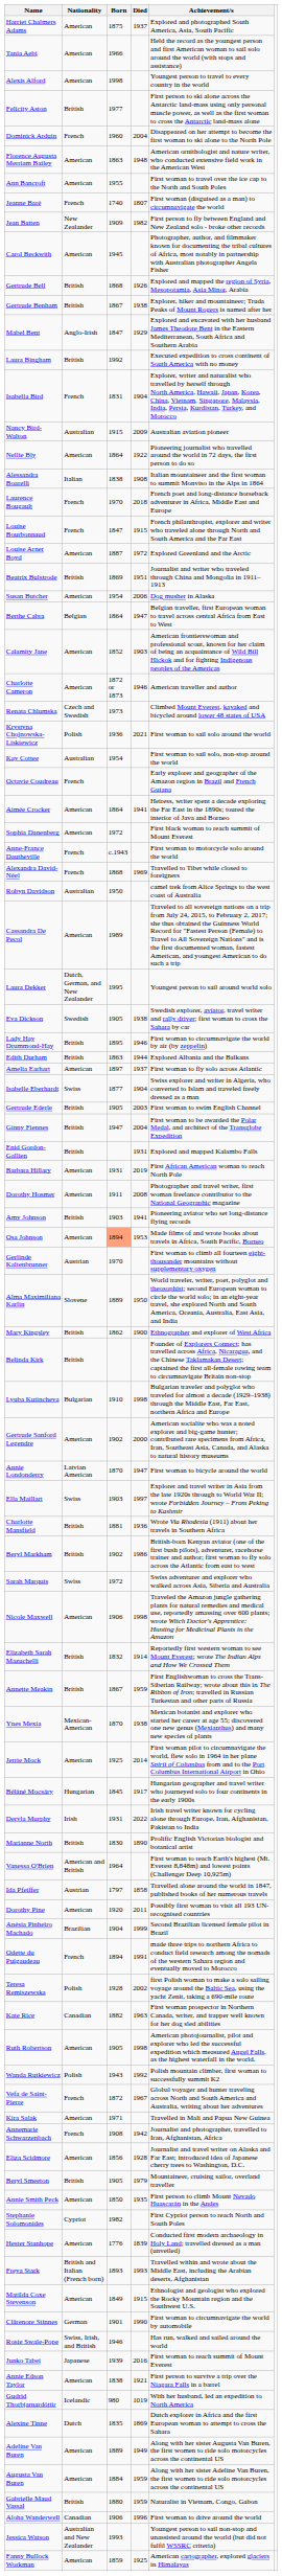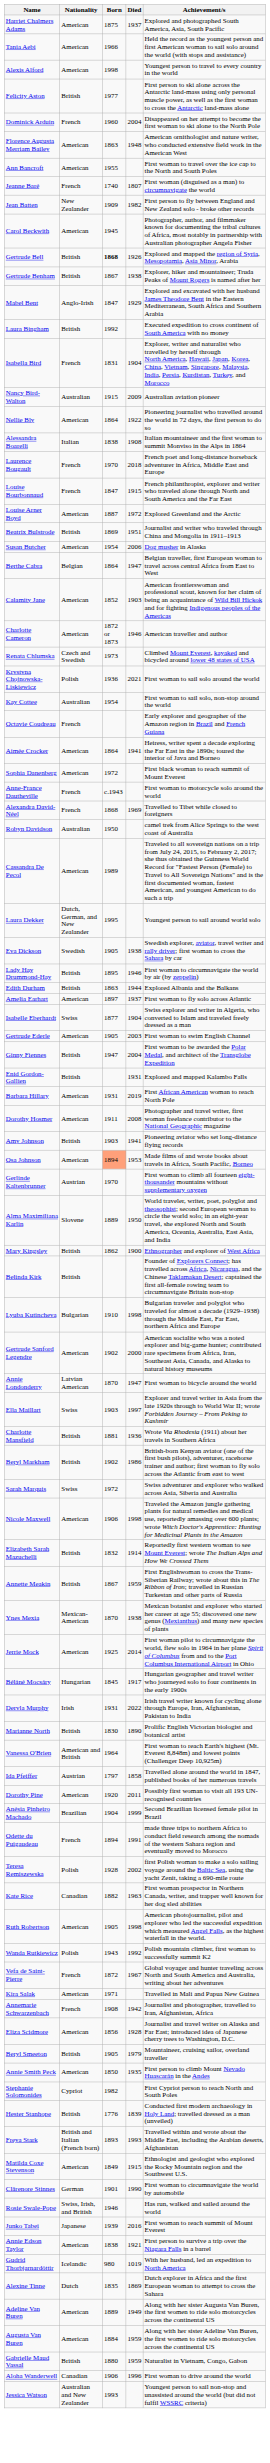 <table class="wikitable sortable">
 <tr>
 <th>Name</th>
 <th>Nationality</th>
 <th>Born</th>
 <th>Died</th>
 <th>Achievement/s</th>
 </tr>
 <tr>
 <td data-sort-value="Adams, Harriet"><a href='#'>Harriet Chalmers Adams</a></td>
 <td>American</td>
 <td>1875</td>
 <td>1937</td>
 <td>Explored and photographed South America, Asia, South Pacific</td>
 </tr>
 <tr>
 <td data-sort-value="Aebi, Tania"><a href='#'>Tania Aebi</a></td>
 <td>American</td>
 <td>1966</td>
 <td></td>
 <td>Held the record as the youngest person and first American woman to sail solo around the world (with stops and assistance)</td>
 </tr>
 <tr>
 <td><a href='#'>Alexis Alford</a></td>
 <td>American</td>
 <td>1998</td>
 <td></td>
 <td>Youngest person to travel to every country in the world</td>
 </tr>
 <tr>
 <td data-sort-value="Aston, Felicity"><a href='#'>Felicity Aston</a></td>
 <td>British</td>
 <td>1977</td>
 <td></td>
 <td>First person to ski alone across the Antarctic land-mass using only personal muscle power, as well as the first woman to cross the <a href='#'>Antarctic</a> land-mass alone</td>
 </tr>
 <tr>
 <td data-sort-value="Arduin, Dominick"><a href='#'>Dominick Arduin</a></td>
 <td>French</td>
 <td>1960</td>
 <td>2004</td>
 <td>Disappeared on her attempt to become the first woman to ski alone to the North Pole</td>
 </tr>
 <tr>
 <td data-sort-value="Bailey, Florence Augusta Merriam"><a href='#'>Florence Augusta Merriam Bailey</a></td>
 <td>American</td>
 <td>1863</td>
 <td>1948</td>
 <td>American ornithologist and nature writer, who conducted extensive field work in the American West</td>
 </tr>
 <tr>
 <td data-sort-value="Bancroft, Ann"><a href='#'>Ann Bancroft</a></td>
 <td>American</td>
 <td>1955</td>
 <td></td>
 <td>First woman to travel over the ice cap to the North and South Poles</td>
 </tr>
 <tr>
 <td data-sort-value="Baré, Jeanne"><a href='#'>Jeanne Baré</a></td>
 <td>French</td>
 <td>1740</td>
 <td>1807</td>
 <td>First woman (disguised as a man) to <a href='#'>circumnavigate</a> the world</td>
 </tr>
 <tr>
 <td data-sort-value="Batten, Jean"><a href='#'>Jean Batten</a></td>
 <td>New Zealander</td>
 <td>1909</td>
 <td>1982</td>
 <td>First person to fly between England and New Zealand solo - broke other records</td>
 </tr>
 <tr>
 <td data-sort-value="Beckwith, Carol"><a href='#'>Carol Beckwith</a></td>
 <td>American</td>
 <td>1945</td>
 <td></td>
 <td>Photographer, author, and filmmaker known for documenting the tribal cultures of Africa, most notably in partnership with Australian photographer Angela Fisher</td>
 </tr>
 <tr>
 <td data-sort-value="Bell, Gertrude"><a href='#'>Gertrude Bell</a></td>
 <td>British</td>
-<td>1868</td>
+<td><strong>1868</strong></td>
 <td>1926</td>
 <td>Explored and mapped the <a href='#'>region of Syria</a>, <a href='#'>Mesopotamia</a>, <a href='#'>Asia Minor</a>, Arabia</td>
 </tr>
 <tr>
 <td data-sort-value="Benham, Gertrude"><a href='#'>Gertrude Benham</a></td>
 <td>British</td>
 <td>1867</td>
 <td>1938</td>
 <td>Explorer, hiker and mountaineer; Truda Peaks of <a href='#'>Mount Rogers</a> is named after her</td>
 </tr>
 <tr>
 <td data-sort-value="Bent, Mabel"><a href='#'>Mabel Bent</a></td>
 <td>Anglo-Irish</td>
 <td>1847</td>
 <td>1929</td>
 <td>Explored and excavated with her husband <a href='#'>James Theodore Bent</a> in the Eastern Mediterranean, South Africa and Southern Arabia</td>
 </tr>
 <tr>
 <td data-sort-value="Bingham, Laura"><a href='#'>Laura Bingham</a></td>
 <td>British</td>
 <td>1992</td>
 <td></td>
 <td>Executed expedition to cross continent of <a href='#'>South America</a> with no money</td>
 </tr>
 <tr>
 <td data-sort-value="Bird, Isabella"><a href='#'>Isabella Bird</a></td>
 <td>French</td>
 <td>1831</td>
 <td>1904</td>
 <td>Explorer, writer and naturalist who travelled by herself through<br><a href='#'>North America</a>, <a href='#'>Hawaii</a>, <a href='#'>Japan</a>, <a href='#'>Korea</a>, <a href='#'>China</a>, <a href='#'>Vietnam</a>, <a href='#'>Singapore</a>, <a href='#'>Malaysia</a>, <a href='#'>India</a>, <a href='#'>Persia</a>, <a href='#'>Kurdistan</a>, <a href='#'>Turkey</a>, and <a href='#'>Morocco</a></td>
 </tr>
 <tr>
 <td data-sort-value="Bird-Walton, Nancy"><a href='#'>Nancy Bird-Walton</a></td>
 <td>Australian</td>
 <td>1915</td>
 <td>2009</td>
 <td>Australian aviation pioneer</td>
 </tr>
 <tr>
 <td data-sort-value="Bly, Nellie"><a href='#'>Nellie Bly</a></td>
 <td>American</td>
 <td>1864</td>
 <td>1922</td>
 <td>Pioneering journalist who travelled around the world in 72 days, the first person to do so</td>
 </tr>
 <tr>
 <td data-sort-value="Boarelli, Alessandra"><a href='#'>Alessandra Boarelli</a></td>
 <td>Italian</td>
 <td>1838</td>
 <td>1908</td>
 <td>Italian mountaineer and the first woman to summit Monviso in the Alps in 1864</td>
 </tr>
 <tr>
 <td data-sort-value="Bougault, Laurence"><a href='#'>Laurence Bougault</a></td>
 <td>French</td>
 <td>1970</td>
 <td>2018</td>
 <td>French poet and long-distance horseback adventurer in Africa, Middle East and Europe</td>
 </tr>
 <tr>
 <td data-sort-value="Bourbonnaud, Louise"><a href='#'>Louise Bourbonnaud</a></td>
 <td>French</td>
 <td>1847</td>
 <td>1915</td>
 <td>French philanthropist, explorer and writer who traveled alone through North and South America and the Far East</td>
 </tr>
 <tr>
 <td data-sort-value="Boyd, Louise Arner"><a href='#'>Louise Arner Boyd</a></td>
 <td>American</td>
 <td>1887</td>
 <td>1972</td>
 <td>Explored Greenland and the Arctic</td>
 </tr>
 <tr>
 <td><a href='#'>Beatrix Bulstrode</a></td>
 <td>British</td>
 <td>1869</td>
 <td>1951</td>
 <td>Journalist and writer who traveled through China and Mongolia in 1911–1913</td>
 </tr>
 <tr>
 <td data-sort-value="Butcher, Susan"><a href='#'>Susan Butcher</a></td>
 <td>American</td>
 <td>1954</td>
 <td>2006</td>
 <td><a href='#'>Dog musher</a> in Alaska</td>
 </tr>
 <tr>
 <td data-sort-value="Cabra, Berthe"><a href='#'>Berthe Cabra</a></td>
 <td>Belgian</td>
 <td>1864</td>
 <td>1947</td>
 <td>Belgian traveller, first European woman to travel across central Africa from East to West</td>
 </tr>
 <tr>
 <td data-sort-value="Canary , Martha"><a href='#'>Calamity Jane</a></td>
 <td>American</td>
 <td>1852</td>
 <td>1903</td>
 <td>American frontierswoman and professional scout, known for her claim of being an acquaintance of <a href='#'>Wild Bill Hickok</a> and for fighting <a href='#'>Indigenous peoples of the Americas</a></td>
 </tr>
 <tr>
 <td data-sort-value="Charlotte, Cameron"><a href='#'>Charlotte Cameron</a></td>
 <td>American</td>
 <td>1872 or 1873</td>
 <td>1946</td>
 <td>American traveller and author</td>
 </tr>
 <tr>
 <td data-sort-value="Chlumska, Renata"><a href='#'>Renata Chlumska</a></td>
 <td>Czech and Swedish</td>
 <td>1973</td>
 <td></td>
 <td>Climbed <a href='#'>Mount Everest</a>, <a href='#'>kayaked</a> and bicycled around <a href='#'>lower 48 states of USA</a></td>
 </tr>
 <tr>
 <td data-sort-value="Chojnowska, Krystyna"><a href='#'>Krystyna Chojnowska-Liskiewicz</a></td>
 <td>Polish</td>
 <td>1936</td>
 <td>2021</td>
 <td>First woman to sail solo around the world</td>
 </tr>
 <tr>
 <td data-sort-value="Cottee"><a href='#'>Kay Cottee</a></td>
 <td>Australian</td>
 <td>1954</td>
 <td></td>
 <td>First woman to sail solo, non-stop around the world</td>
 </tr>
 <tr>
 <td data-sort-value="Coudreau, Octavie"><a href='#'>Octavie Coudreau</a></td>
 <td>French</td>
 <td></td>
 <td></td>
 <td>Early explorer and geographer of the Amazon region in <a href='#'>Brazil</a> and <a href='#'>French Guiana</a></td>
 </tr>
 <tr>
 <td data-sort-value="Crocker, Aimée"><a href='#'>Aimée Crocker</a></td>
 <td>American</td>
 <td>1864</td>
 <td>1941</td>
 <td>Heiress, writer spent a decade exploring the Far East in the 1890s; toured the interior of Java and Borneo</td>
 </tr>
 <tr>
 <td data-sort-value="Danenberg, Sophia"><a href='#'>Sophia Danenberg</a></td>
 <td>American</td>
 <td>1972</td>
 <td></td>
 <td>First black woman to reach summit of Mount Everest</td>
 </tr>
 <tr>
 <td data-sort-value="Dautheville, Anne-France"><a href='#'>Anne-France Dautheville</a></td>
 <td>French</td>
 <td>c.1943</td>
 <td></td>
 <td>First woman to motorcycle solo around the world</td>
 </tr>
 <tr>
 <td data-sort-value="David, Alexandra"><a href='#'>Alexandra David-Néel</a></td>
 <td>French</td>
 <td>1868</td>
 <td>1969</td>
 <td>Travelled to Tibet while closed to foreigners</td>
 </tr>
 <tr>
 <td data-sort-value="Davidson, Robyn"><a href='#'>Robyn Davidson</a></td>
 <td>Australian</td>
 <td>1950</td>
 <td></td>
 <td> camel trek from Alice Springs to the west coast of Australia</td>
 </tr>
 <tr>
 <td data-sort-value="DePecol, Cassandra"><a href='#'>Cassandra De Pecol</a></td>
 <td>American</td>
 <td>1989</td>
 <td></td>
 <td>Traveled to all sovereign nations on a trip from July 24, 2015, to February 2, 2017; she thus obtained the Guinness World Record for "Fastest Person (Female) to Travel to All Sovereign Nations" and is the first documented woman, fastest American, and youngest American to do such a trip</td>
 </tr>
 <tr>
 <td data-sort-value="Dekker, Laura"><a href='#'>Laura Dekker</a></td>
 <td>Dutch, German, and New Zealander</td>
 <td>1995</td>
 <td></td>
 <td>Youngest person to sail around world solo</td>
 </tr>
 <tr>
 <td data-sort-value="Dickson, Eva"><a href='#'>Eva Dickson</a></td>
 <td>Swedish</td>
 <td>1905</td>
 <td>1938</td>
 <td>Swedish explorer, <a href='#'>aviator</a>, travel writer and <a href='#'>rally driver</a>; first woman to cross the <a href='#'>Sahara</a> by car</td>
 </tr>
 <tr>
 <td data-sort-value="Drummond, Lady Hay"><a href='#'>Lady Hay Drummond-Hay</a></td>
 <td>British</td>
 <td>1895</td>
 <td>1946</td>
 <td>First woman to circumnavigate the world by air (by <a href='#'>zeppelin</a>)</td>
 </tr>
 <tr>
 <td data-sort-value="Durham, Edith"><a href='#'>Edith Durham</a></td>
 <td>British</td>
 <td>1863</td>
 <td>1944</td>
 <td>Explored Albania and the Balkans</td>
 </tr>
 <tr>
 <td data-sort-value="Earhart, Amelia"><a href='#'>Amelia Earhart</a></td>
 <td>American</td>
 <td>1897</td>
 <td>1937</td>
 <td>First woman to fly solo across Atlantic</td>
 </tr>
 <tr>
 <td data-sort-value="Eberhardt, Isabelle"><a href='#'>Isabelle Eberhardt</a></td>
 <td>Swiss</td>
 <td>1877</td>
 <td>1904</td>
 <td>Swiss explorer and writer in Algeria, who converted to Islam and traveled freely dressed as a man</td>
 </tr>
 <tr>
 <td data-sort-value="Ederle, Gertrude"><a href='#'>Gertrude Ederle</a></td>
-<td>British</td>
+<td>American</td>
 <td>1905</td>
 <td>2003</td>
 <td>First woman to swim English Channel</td>
 </tr>
 <tr>
 <td data-sort-value="Fiennes, Ginny"><a href='#'>Ginny Fiennes</a></td>
 <td>British</td>
 <td>1947</td>
 <td>2004</td>
 <td>First woman to be awarded the <a href='#'>Polar Medal</a>, and architect of the <a href='#'>Transglobe Expedition</a></td>
 </tr>
 <tr>
 <td data-sort-value="Gordon-Gallien, Enid"><a href='#'>Enid Gordon-Gallien</a></td>
 <td>British</td>
 <td></td>
 <td>1931</td>
 <td>Explored and mapped Kalambo Falls</td>
 </tr>
 <tr>
 <td data-sort-value="Hillary, Barbara"><a href='#'>Barbara Hillary</a></td>
 <td>American</td>
 <td>1931</td>
 <td>2019</td>
 <td>First <a href='#'>African American</a> woman to reach North Pole</td>
 </tr>
 <tr>
 <td data-sort-value="Hosmer, Dorothy"><a href='#'>Dorothy Hosmer</a></td>
 <td>American</td>
 <td>1911</td>
 <td>2008</td>
 <td>Photographer and travel writer, first woman freelance contributor to the <a href='#'>National Geographic</a> magazine</td>
 </tr>
 <tr>
 <td data-sort-value="Johnson, Amy"><a href='#'>Amy Johnson</a></td>
 <td>British</td>
 <td>1903</td>
 <td>1941</td>
 <td>Pioneering aviator who set long-distance flying records</td>
 </tr>
 <tr>
 <td data-sort-value="Johnson, Osa"><a href='#'>Osa Johnson</a></td>
 <td>American</td>
 <td style="background: lightsalmon;">1894</td>
 <td>1953</td>
 <td>Made films of and wrote books about travels in Africa, South Pacific, <a href='#'>Borneo</a></td>
 </tr>
 <tr>
 <td data-sort-value="Kaltenbrunner, Gerlinde"><a href='#'>Gerlinde Kaltenbrunner</a></td>
 <td>Austrian</td>
 <td>1970</td>
 <td></td>
 <td>First woman to climb all fourteen <a href='#'>eight-thousander</a> mountains without <a href='#'>supplementary oxygen</a></td>
 </tr>
 <tr>
 <td data-sort-value="Karlin, Alma"><a href='#'>Alma Maximiliana Karlin</a></td>
 <td>Slovene</td>
 <td>1889</td>
 <td>1950</td>
 <td>World traveler, writer, poet, polyglot and <a href='#'>theosophist</a>; second European woman to circle the world solo; in an eight-year travel, she explored North and South America, Oceania, Australia, East Asia, and India</td>
 </tr>
 <tr>
 <td data-sort-value="Kingsley, Mary"><a href='#'>Mary Kingsley</a></td>
 <td>British</td>
 <td>1862</td>
 <td>1900</td>
 <td><a href='#'>Ethnographer</a> and explorer of <a href='#'>West Africa</a></td>
 </tr>
 <tr>
 <td><a href='#'>Belinda Kirk</a></td>
 <td>British</td>
 <td></td>
 <td></td>
 <td>Founder of <a href='#'>Explorers Connect</a>; has travelled across <a href='#'>Africa</a>, <a href='#'>Nicaragua</a>, and the Chinese <a href='#'>Taklamakan Desert</a>; captained the first all-female rowing team to circumnavigate Britain non-stop</td>
 </tr>
 <tr>
 <td data-sort-value="Kutincheva, Lyuba"><a href='#'>Lyuba Kutincheva</a></td>
 <td>Bulgarian</td>
 <td>1910</td>
 <td>1998</td>
 <td>Bulgarian traveler and polyglot who traveled for almost a decade (1929–1938) through the Middle East, Far East, northern Africa and Europe</td>
 </tr>
 <tr>
 <td data-sort-value="Legendre, Gertrude Sanford"><a href='#'>Gertrude Sanford Legendre</a></td>
 <td>American</td>
 <td>1902</td>
 <td>2000</td>
 <td>American socialite who was a noted explorer and big-game hunter; contributed rare specimens from Africa, Iran, Southeast Asia, Canada, and Alaska to natural history museums</td>
 </tr>
 <tr>
 <td data-sort-value="Londonderry, Annie"><a href='#'>Annie Londonderry</a></td>
 <td>Latvian American</td>
 <td>1870</td>
 <td>1947</td>
 <td>First woman to bicycle around the world</td>
 </tr>
 <tr>
 <td data-sort-value="Maillart, Ella "><a href='#'>Ella Maillart</a></td>
 <td>Swiss</td>
 <td>1903</td>
 <td>1997</td>
 <td>Explorer and travel writer in Asia from the late 1920s through to World War II; wrote <em>Forbidden Journey – From Peking to Kashmir</em></td>
 </tr>
 <tr>
 <td data-sort-value="Mansfield, Charlotte"><a href='#'>Charlotte Mansfield</a></td>
 <td>British</td>
 <td>1881</td>
 <td>1936</td>
 <td>Wrote <em>Via Rhodesia</em> (1911) about her travels in Southern Africa</td>
 </tr>
 <tr>
 <td data-sort-value="Markham, Beryl"><a href='#'>Beryl Markham</a></td>
 <td>British</td>
 <td>1902</td>
 <td>1986</td>
 <td>British-born Kenyan aviator (one of the first bush pilots), adventurer, racehorse trainer and author; first woman to fly solo across the Atlantic from east to west</td>
 </tr>
 <tr>
 <td data-sort-value="Marquis, Sarah"><a href='#'>Sarah Marquis</a></td>
 <td>Swiss</td>
 <td>1972</td>
 <td></td>
 <td>Swiss adventurer and explorer who walked  across Asia, Siberia and Australia</td>
 </tr>
 <tr>
 <td data-sort-value="Maxwell, Nicole"><a href='#'>Nicole Maxwell</a></td>
 <td>American</td>
 <td>1906</td>
 <td>1998</td>
 <td>Traveled the Amazon jungle gathering plants for natural remedies and medical use, reportedly amassing over 600 plants; wrote <em>Witch Doctor's Apprentice: Hunting for Medicinal Plants in the Amazon</em></td>
 </tr>
 <tr>
 <td data-sort-value="Mazuchelli, Elizabeth Sarah "><a href='#'>Elizabeth Sarah Mazuchelli</a></td>
 <td>British</td>
 <td>1832</td>
 <td>1914</td>
 <td>Reportedly first western woman to see <a href='#'>Mount Everest</a>; wrote <em>The Indian Alps and How We Crossed Them</em></td>
 </tr>
 <tr>
 <td data-sort-value="Meakin, Annette"><a href='#'>Annette Meakin</a></td>
 <td>British</td>
 <td>1867</td>
 <td>1959</td>
 <td>First Englishwoman to cross the Trans-Siberian Railway; wrote about this in <em>The Ribbon of Iron</em>; travelled in Russian Turkestan and other parts of Russia</td>
 </tr>
 <tr>
 <td data-sort-value="Mexia, Ynes"><a href='#'>Ynes Mexia</a></td>
 <td>Mexican-American</td>
 <td>1870</td>
 <td>1938</td>
 <td>Mexican botanist and explorer who started her career at age 55; discovered one new genus (<a href='#'>Mexianthus</a>) and many new species of plants</td>
 </tr>
 <tr>
 <td date-sort-value="Mock, Jerrie"><a href='#'>Jerrie Mock</a></td>
 <td>American</td>
 <td>1925</td>
 <td>2014</td>
 <td>First woman pilot to circumnavigate the world, flew solo in 1964 in her plane <em><a href='#'>Spirit of Columbus</a></em> from and to the <a href='#'>Port Columbus International Airport</a> in Ohio</td>
 </tr>
 <tr>
 <td data-sort-value="Mocsary, Belane"><a href='#'>Béláné Mocsáry</a></td>
 <td>Hungarian</td>
 <td>1845</td>
 <td>1917</td>
 <td>Hungarian geographer and travel writer who journeyed solo to four continents in the early 1900s</td>
 </tr>
 <tr>
 <td data-sort-value="Murphy, Dervla"><a href='#'>Dervla Murphy</a></td>
 <td>Irish</td>
 <td>1931</td>
 <td>2022</td>
 <td>Irish travel writer known for cycling alone through Europe, Iran, Afghanistan, Pakistan to India</td>
 </tr>
 <tr>
 <td data-sort-value="North, Marianne"><a href='#'>Marianne North</a></td>
 <td>British</td>
 <td>1830</td>
 <td>1890</td>
 <td>Prolific English Victorian biologist and botanical artist</td>
 </tr>
 <tr>
 <td data-sort-value="O'Brien, Vanessa"><a href='#'>Vanessa O'Brien</a></td>
 <td>American and British</td>
 <td>1964</td>
 <td></td>
 <td>First woman to reach Earth's highest (Mt. Everest 8,848m) and lowest points (Challenger Deep 10,925m)</td>
 </tr>
 <tr>
 <td data-sort-value="Pfeiffer, Ida"><a href='#'>Ida Pfeiffer</a></td>
 <td>Austrian</td>
 <td>1797</td>
 <td>1858</td>
 <td>Travelled alone around the world in 1847, published books of her numerous travels</td>
 </tr>
 <tr>
 <td data-sort-value="Pine, Dorothy"><a href='#'>Dorothy Pine</a></td>
 <td>American</td>
 <td>1920</td>
 <td>2011</td>
 <td>Possibly first woman to visit all 193 UN-recognised countries</td>
 </tr>
 <tr>
 <td data-sort-value="Pinheiro, Anésia"><a href='#'>Anésia Pinheiro Machado</a></td>
 <td>Brazilian</td>
 <td>1904</td>
 <td>1999</td>
 <td>Second Brazilian licensed female pilot in Brazil</td>
 </tr>
 <tr>
 <td data-sort-value="Puigaudeau, Odette du"><a href='#'>Odette du Puigaudeau</a></td>
 <td>French</td>
 <td>1894</td>
 <td>1991</td>
 <td>made three trips to northern Africa to conduct field research among the nomads of the western Sahara region and eventually moved to Morocco</td>
 </tr>
 <tr>
 <td><a href='#'>Teresa Remiszewska</a></td>
 <td>Polish</td>
 <td>1928</td>
 <td>2002</td>
 <td>first Polish woman to make a solo sailing voyage around the <a href='#'>Baltic Sea</a>, using the yacht Zenit, taking a 690-mile route</td>
 </tr>
 <tr>
 <td data-sort-value="Rice, Kate"><a href='#'>Kate Rice</a></td>
 <td>Canadian</td>
 <td>1882</td>
 <td>1963</td>
 <td>First woman prospector in Northern Canada, writer, and trapper well known for her dog sled abilities</td>
 </tr>
 <tr>
 <td data-sort-value="Robertson, Ruth"><a href='#'>Ruth Robertson</a></td>
 <td>American</td>
 <td>1905</td>
 <td>1998</td>
 <td>American photojournalist, pilot and explorer who led the successful expedition which measured <a href='#'>Angel Falls</a>, as the highest waterfall in the world.</td>
 </tr>
 <tr>
 <td data-sort-value="Rutkiewicz, Wanda"><a href='#'>Wanda Rutkiewicz</a></td>
 <td>Polish</td>
 <td>1943</td>
 <td>1992</td>
 <td>Polish mountain climber, first woman to successfully summit K2</td>
 </tr>
 <tr>
 <td data-sort-value="Saint-Pierre, Vefa de"><a href='#'>Vefa de Saint-Pierre</a></td>
 <td>French</td>
 <td>1872</td>
 <td>1967</td>
 <td>Global voyager and hunter traveling across North and South America and Australia, writing about her adventures</td>
 </tr>
 <tr>
 <td data-sort-value="Salak, Kira"><a href='#'>Kira Salak</a></td>
 <td>American</td>
 <td>1971</td>
 <td></td>
 <td>Travelled in Mali and Papua New Guinea</td>
 </tr>
 <tr>
 <td data-sort-value="Schwarzenbach, Annemarie"><a href='#'>Annemarie Schwarzenbach</a></td>
 <td>French</td>
 <td>1908</td>
 <td>1942</td>
 <td>Journalist and photographer, travelled to Iran, Afghanistan, Africa</td>
 </tr>
 <tr>
 <td><a href='#'>Eliza Scidmore</a></td>
 <td>American</td>
 <td>1856</td>
 <td>1928</td>
 <td>Journalist and travel writer on Alaska and Far East; introduced idea of Japanese cherry trees to Washington, D.C.</td>
 </tr>
 <tr>
 <td data-sort-value="Smeeton, Beryl"><a href='#'>Beryl Smeeton</a></td>
 <td>British</td>
 <td>1905</td>
 <td>1979</td>
 <td>Mountaineer, cruising sailor, overland traveller</td>
 </tr>
 <tr>
 <td data-sort-value="Smith Peck, Annie"><a href='#'>Annie Smith Peck</a></td>
 <td>American</td>
 <td>1850</td>
 <td>1935</td>
 <td>First person to climb Mount <a href='#'>Nevado Huascarán</a> in the <a href='#'>Andes</a></td>
 </tr>
 <tr>
 <td data-sort-value="Solomonides, Stephanie"><a href='#'>Stephanie Solomonides</a></td>
 <td>Cypriot</td>
 <td>1982</td>
 <td></td>
 <td>First Cypriot person to reach North and South Poles</td>
 </tr>
 <tr>
 <td data-sort-value="Stanhope, Hester"><a href='#'>Hester Stanhope</a></td>
-<td>American</td>
+<td>British</td>
 <td>1776</td>
 <td>1839</td>
 <td>Conducted first modern archaeology in <a href='#'>Holy Land</a>; travelled dressed as a man (unveiled)</td>
 </tr>
 <tr>
 <td data-sort-value="Stark, Freya"><a href='#'>Freya Stark</a></td>
 <td>British and Italian (French born)</td>
 <td>1893</td>
 <td>1993</td>
 <td>Travelled within and wrote about the Middle East, including the Arabian deserts, Afghanistan</td>
 </tr>
 <tr>
 <td data-sort-value="Stevenson, Matilda Coxe"><a href='#'>Matilda Coxe Stevenson</a></td>
 <td>American</td>
 <td>1849</td>
 <td>1915</td>
 <td>Ethnologist and geologist who explored the Rocky Mountain region and the Southwest U.S.</td>
 </tr>
 <tr>
 <td data-sort-value="Stinnes, Clärenore"><a href='#'>Clärenore Stinnes</a></td>
 <td>German</td>
 <td>1901</td>
 <td>1990</td>
 <td>First woman to circumnavigate the world by automobile</td>
 </tr>
 <tr>
 <td data-sort-value="Swale-Pope, Rosie"><a href='#'>Rosie Swale-Pope</a></td>
 <td>Swiss, Irish, and British</td>
 <td>1946</td>
 <td></td>
 <td>Has run, walked and sailed around the world</td>
 </tr>
 <tr>
 <td data-sort-value="Tabei, Junko"><a href='#'>Junko Tabei</a></td>
 <td>Japanese</td>
 <td>1939</td>
 <td>2016</td>
 <td>First woman to reach summit of Mount Everest</td>
 </tr>
 <tr>
 <td data-sort-value="Taylor, Annie"><a href='#'>Annie Edson Taylor</a></td>
 <td>American</td>
 <td>1838</td>
 <td>1921</td>
 <td>First person to survive a trip over the <a href='#'>Niagara Falls</a> in a barrel</td>
 </tr>
 <tr>
 <td data-sort-value="Thorbjarnardóttir, Gudrid"><a href='#'>Gudrid Thorbjarnardóttir</a></td>
 <td>Icelandic</td>
 <td>980</td>
 <td>1019</td>
 <td>With her husband, led an expedition to <a href='#'>North America</a></td>
 </tr>
 <tr>
 <td data-sort-value="Tinne, Alexine"><a href='#'>Alexine Tinne</a></td>
 <td>Dutch</td>
 <td>1835</td>
 <td>1869</td>
 <td>Dutch explorer in Africa and the first European woman to attempt to cross the Sahara</td>
 </tr>
 <tr>
 <td data-sort-value="Van Buren, Adeline"><a href='#'>Adeline Van Buren</a></td>
 <td>American</td>
 <td>1889</td>
 <td>1949</td>
 <td>Along with her sister Augusta Van Buren, the first women to ride solo motorcycles across the continental US</td>
 </tr>
 <tr>
 <td data-sort-value="Van Buren, Augusta"><a href='#'>Augusta Van Buren</a></td>
 <td>American</td>
 <td>1884</td>
 <td>1959</td>
 <td>Along with her sister Adeline Van Buren, the first women to ride solo motorcycles across the continental US</td>
 </tr>
 <tr>
 <td data-sort-value="Vassal, Gabrielle Maud"><a href='#'>Gabrielle Maud Vassal</a></td>
 <td>British</td>
 <td>1880</td>
 <td>1959</td>
 <td>Naturalist in Vietnam, Congo, Gabon</td>
 </tr>
 <tr>
 <td data-sort-value="Wanderwell, Aloha"><a href='#'>Aloha Wanderwell</a></td>
 <td>Canadian</td>
 <td>1906</td>
 <td>1996</td>
 <td>First woman to drive around the world</td>
 </tr>
 <tr>
 <td data-sort-value="Watson, Jessica"><a href='#'>Jessica Watson</a></td>
 <td>Australian and New Zealander</td>
 <td>1993</td>
 <td></td>
 <td>Youngest person to sail non-stop and unassisted around the world (but did not fulfil <a href='#'>WSSRC</a> criteria)</td>
 </tr>
-<tr>
-<td data-sort-value="Workman, Fanny"><a href='#'>Fanny Bullock Workman</a></td>
-<td>American</td>
-<td>1859</td>
-<td>1925</td>
-<td>American <a href='#'>cartographer</a>, explored <a href='#'>glaciers</a> in <a href='#'>Himalayas</a><br> </td>
-<td></td>
-</tr>
 </table>
